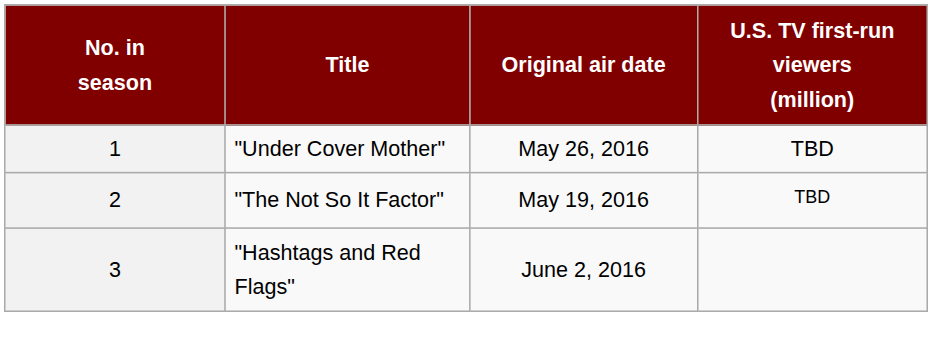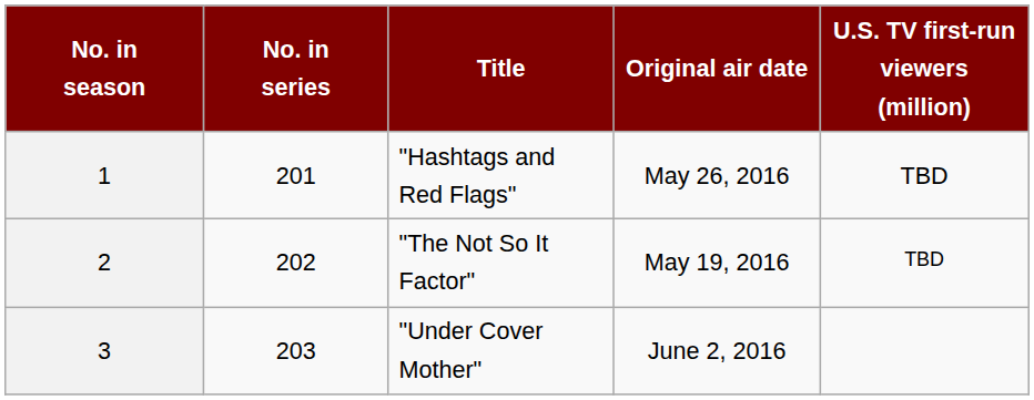 <table class="wikitable plainrowheaders" style="font-size: 14px; border-color: rgb(170, 170, 170); color: black; font-family: sans-serif; line-height: 22.4px; width: 600px; height: 200px;">
 <tr>
 <th scope="col" style="padding-right:0.4em;padding-left:0.4em;width:7%;background-color:maroon;color:white;">No. in<br>season</th>
+<th scope="col" style="padding-right:0.4em;padding-left:0.4em;width:7%;background-color:maroon;color:white;">No. in<br>series</th>
 <th scope="col" style="padding-right:0.4em;padding-left:0.4em;width:7%;background-color:maroon;color:white;">Title</th>
 <th scope="col" style="padding-right:0.4em;padding-left:0.4em;width:7%;background-color:maroon;color:white;">Original air date</th>
 <th scope="col" style="padding-right:0.4em;padding-left:0.4em;width:7%;background-color:maroon;color:white;">U.S. TV first-run viewers<br>(million)</th>
 </tr>
 <tr class="vevent" style="text-align:center;background:inherit;">
 <th id="ep1" scope="row" style="padding-right:0.4em;padding-left:0.4em;font-weight:normal;">1</th>
-<td class="summary" style="padding-right:0.4em;padding-left:0.4em;text-align:left;">"Under Cover Mother"</td>
+<td style="padding-right:0.4em;padding-left:0.4em;">201</td>
+<td class="summary" style="padding-right:0.4em;padding-left:0.4em;text-align:left;">"Hashtags and Red Flags"</td>
 <td style="padding-right:0.4em;padding-left:0.4em;">May 26, 2016</td>
 <td style="padding-right:0.4em;padding-left:0.4em;">TBD</td>
 </tr>
 <tr class="vevent" style="text-align:center;background:inherit;">
 <th id="ep2" scope="row" style="padding-right:0.4em;padding-left:0.4em;font-weight:normal;">2</th>
+<td style="padding-right:0.4em;padding-left:0.4em;">202</td>
 <td class="summary" style="padding-right:0.4em;padding-left:0.4em;text-align:left;">"The Not So It Factor"</td>
 <td style="padding-right:0.4em;padding-left:0.4em;">May 19, 2016</td>
 <td style="padding-right:0.4em;padding-left:0.4em;"><sup><span>TBD</span></sup></td>
 </tr>
 <tr>
 <th id="ep2" scope="row" style="padding-right:0.4em;padding-left:0.4em;font-weight:normal;">3</th>
-<td class="summary" style="padding-right:0.4em;padding-left:0.4em;text-align:left;">"Hashtags and Red Flags"</td>
+<td style="padding-right:0.4em;padding-left:0.4em;text-align:center;">203</td>
+<td class="summary" style="padding-right:0.4em;padding-left:0.4em;text-align:left;">"Under Cover Mother"</td>
 <td style="padding-right:0.4em;padding-left:0.4em;text-align:center;">June 2, 2016</td>
 <td style="padding-right:0.4em;padding-left:0.4em;text-align:center;"></td>
 </tr>
 </table>
